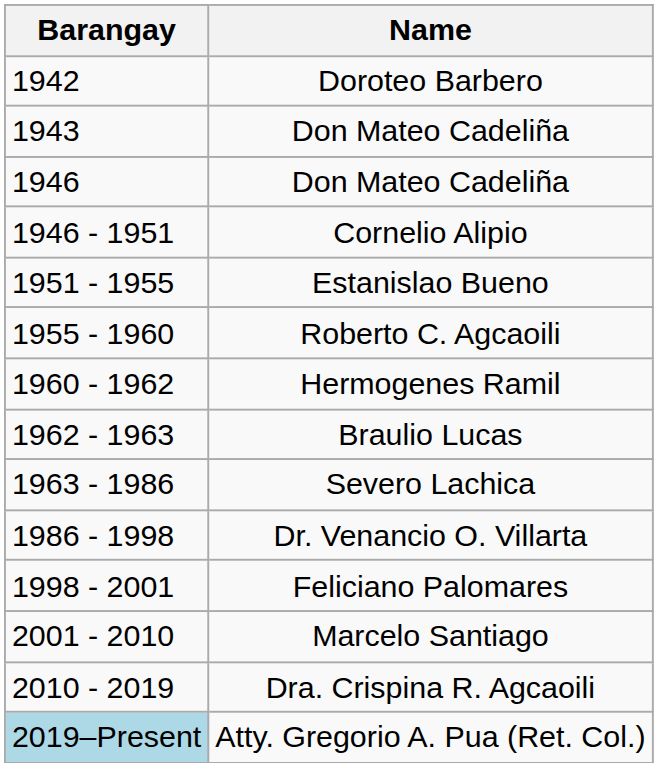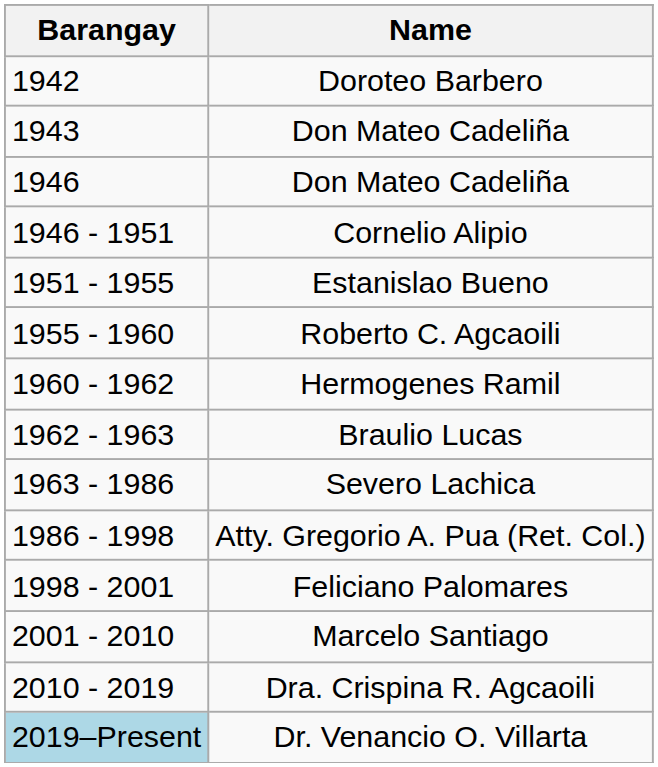 <table class="wikitable" style="line-height:1.20em; font-size:100%;">
 <tr>
 <th>Barangay</th>
 <th>Name</th>
 </tr>
 <tr>
 <td>1942</td>
 <td style="text-align:center;">Doroteo Barbero</td>
 </tr>
 <tr>
 <td>1943</td>
 <td style="text-align:center;">Don Mateo Cadeliña</td>
 </tr>
 <tr>
 <td>1946</td>
 <td style="text-align:center;">Don Mateo Cadeliña</td>
 </tr>
 <tr>
 <td>1946 - 1951</td>
 <td style="text-align:center;">Cornelio Alipio</td>
 </tr>
 <tr>
 <td>1951 - 1955</td>
 <td style="text-align:center;">Estanislao Bueno</td>
 </tr>
 <tr>
 <td>1955 - 1960</td>
 <td style="text-align:center;">Roberto C. Agcaoili</td>
 </tr>
 <tr>
 <td>1960 - 1962</td>
 <td style="text-align:center;">Hermogenes Ramil</td>
 </tr>
 <tr>
 <td>1962 - 1963</td>
 <td style="text-align:center;">Braulio Lucas</td>
 </tr>
 <tr>
 <td>1963 - 1986</td>
 <td style="text-align:center;">Severo Lachica</td>
 </tr>
 <tr>
 <td>1986 - 1998</td>
-<td style="text-align:center;">Dr. Venancio O. Villarta</td>
+<td style="text-align:center;">Atty. Gregorio A. Pua (Ret. Col.)</td>
 </tr>
 <tr>
 <td>1998 - 2001</td>
 <td style="text-align:center;">Feliciano Palomares</td>
 </tr>
 <tr>
 <td>2001 - 2010</td>
 <td style="text-align:center;">Marcelo Santiago</td>
 </tr>
 <tr>
 <td>2010 - 2019</td>
 <td style="text-align:center;">Dra. Crispina R. Agcaoili</td>
 </tr>
 <tr>
 <td style="background: lightblue;">2019–Present</td>
-<td style="text-align:center;">Atty. Gregorio A. Pua (Ret. Col.)</td>
+<td style="text-align:center;">Dr. Venancio O. Villarta</td>
 </tr>
 <tr>
 </tr>
 </table>
